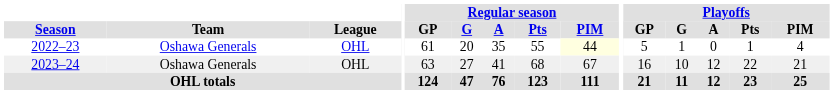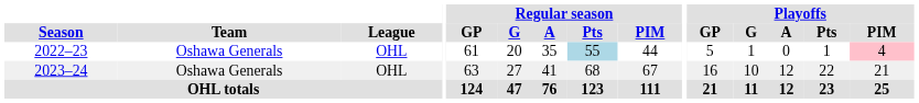 <table border="0" cellpadding="1" cellspacing="0" style="text-align:center; width:60em;">
 <tr bgcolor="#e0e0e0">
 <th colspan="3" bgcolor="#ffffff"></th>
 <th rowspan="94" bgcolor="#ffffff"></th>
 <th colspan="5"><a href='#'>Regular season</a></th>
 <th rowspan="94" bgcolor="#ffffff"></th>
 <th colspan="5"><a href='#'>Playoffs</a></th>
 </tr>
 <tr bgcolor="#e0e0e0">
 <th><a href='#'>Season</a></th>
 <th>Team</th>
 <th>League</th>
 <th>GP</th>
 <th><a href='#'>G</a></th>
 <th><a href='#'>A</a></th>
 <th><a href='#'>Pts</a></th>
 <th><a href='#'>PIM</a></th>
 <th>GP</th>
 <th>G</th>
 <th>A</th>
 <th>Pts</th>
 <th>PIM</th>
 </tr>
 <tr>
 <td><a href='#'>2022–23</a></td>
 <td><a href='#'>Oshawa Generals</a></td>
 <td><a href='#'>OHL</a></td>
 <td>61</td>
 <td>20</td>
 <td>35</td>
-<td>55</td>
-<td style="background: lightyellow;">44</td>
+<td style="background: lightblue;">55</td>
+<td>44</td>
 <td>5</td>
 <td>1</td>
 <td>0</td>
 <td>1</td>
-<td>4</td>
+<td style="background: pink;">4</td>
 </tr>
 <tr bgcolor="f0f0f0">
 <td><a href='#'>2023–24</a></td>
 <td>Oshawa Generals</td>
 <td>OHL</td>
 <td>63</td>
 <td>27</td>
 <td>41</td>
 <td>68</td>
 <td>67</td>
 <td>16</td>
 <td>10</td>
 <td>12</td>
 <td>22</td>
 <td>21</td>
 </tr>
 <tr bgcolor="#e0e0e0">
 <th colspan="3">OHL totals</th>
 <th>124</th>
 <th>47</th>
 <th>76</th>
 <th>123</th>
 <th>111</th>
 <th>21</th>
 <th>11</th>
 <th>12</th>
 <th>23</th>
 <th>25</th>
 </tr>
 </table>
